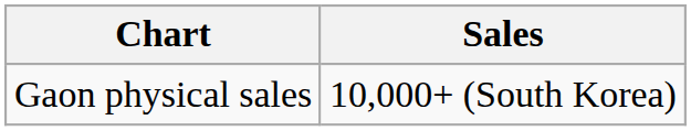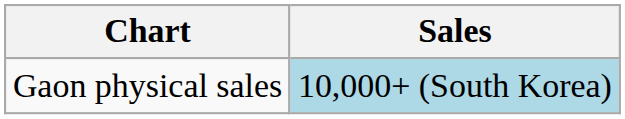 <table class="wikitable">
 <tr>
 <th>Chart</th>
 <th>Sales</th>
 </tr>
 <tr>
 <td>Gaon physical sales</td>
-<td align="center">10,000+ (South Korea)</td>
+<td align="center" style="background: lightblue;">10,000+ (South Korea)</td>
 </tr>
 </table>
